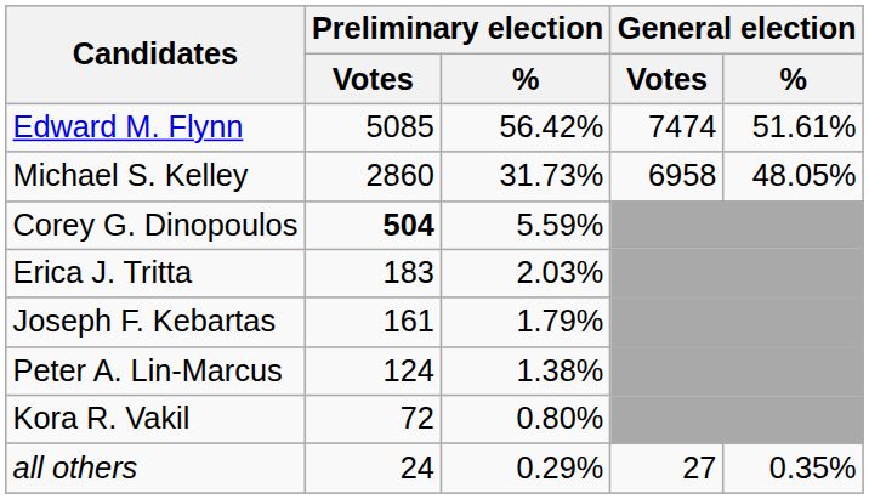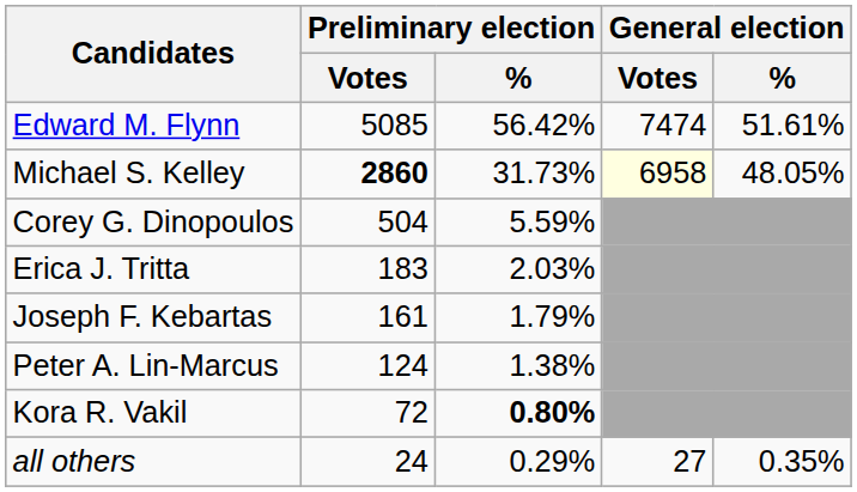 <table class=wikitable>
 <tr>
 <th colspan=1 rowspan=2><strong>Candidates</strong></th>
 <th colspan=2><strong>Preliminary election</strong></th>
 <th colspan=2><strong>General election</strong></th>
 </tr>
 <tr>
 <th>Votes</th>
 <th>%</th>
 <th>Votes</th>
 <th>%</th>
 </tr>
 <tr>
 <td><a href='#'>Edward M. Flynn</a></td>
 <td align="right">5085</td>
 <td align="right">56.42%</td>
 <td align="right">7474</td>
 <td align="right">51.61%</td>
 </tr>
 <tr>
 <td>Michael S. Kelley</td>
-<td align="right">2860</td>
+<td align="right"><strong>2860</strong></td>
 <td align="right">31.73%</td>
-<td align="right">6958</td>
+<td align="right" style="background: lightyellow;">6958</td>
 <td align="right">48.05%</td>
 </tr>
 <tr>
 <td>Corey G. Dinopoulos</td>
-<td align="right"><strong>504</strong></td>
+<td align="right">504</td>
 <td align="right">5.59%</td>
 <td colspan=2 bgcolor=darkgray> </td>
 </tr>
 <tr>
 <td>Erica J. Tritta</td>
 <td align="right">183</td>
 <td align="right">2.03%</td>
 <td colspan=2 bgcolor=darkgray> </td>
 </tr>
 <tr>
 <td>Joseph F. Kebartas</td>
 <td align="right">161</td>
 <td align="right">1.79%</td>
 <td colspan=2 bgcolor=darkgray> </td>
 </tr>
 <tr>
 <td>Peter A. Lin-Marcus</td>
 <td align="right">124</td>
 <td align="right">1.38%</td>
 <td colspan=2 bgcolor=darkgray> </td>
 </tr>
 <tr>
 <td>Kora R. Vakil</td>
 <td align="right">72</td>
-<td align="right">0.80%</td>
+<td align="right"><strong>0.80%</strong></td>
 <td colspan=2 bgcolor=darkgray> </td>
 </tr>
 <tr>
 <td><em>all others</em></td>
 <td align="right">24</td>
 <td align="right">0.29%</td>
 <td align="right">27</td>
 <td align="right">0.35%</td>
 </tr>
 </table>
